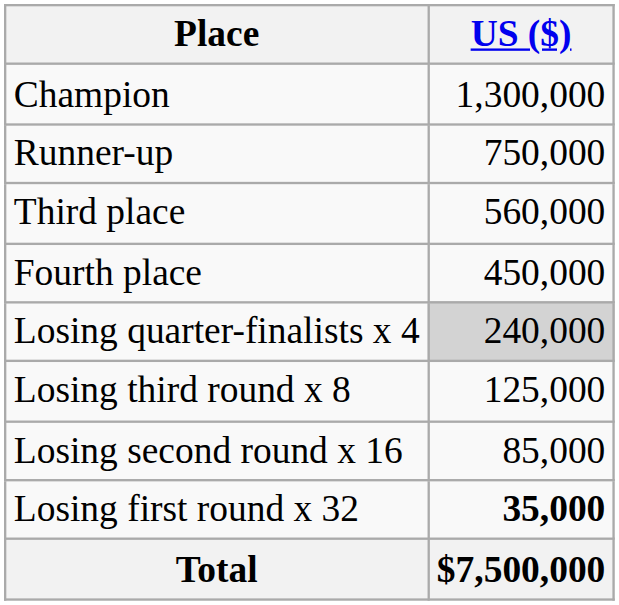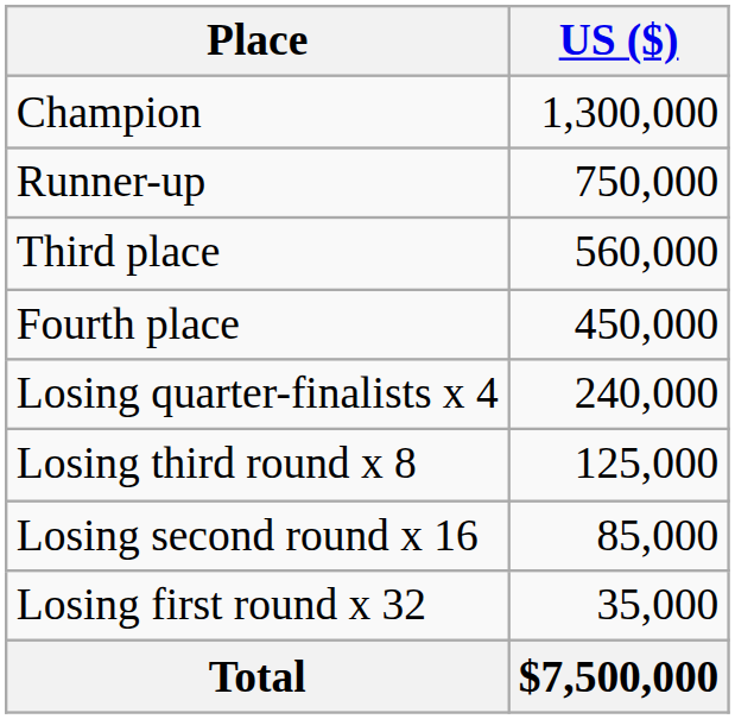 <table class="wikitable">
 <tr>
 <th>Place</th>
 <th><a href='#'>US ($)</a></th>
 </tr>
 <tr>
 <td>Champion</td>
 <td align=right>1,300,000</td>
 </tr>
 <tr>
 <td>Runner-up</td>
 <td align=right>750,000</td>
 </tr>
 <tr>
 <td>Third place</td>
 <td align=right>560,000</td>
 </tr>
 <tr>
 <td>Fourth place</td>
 <td align=right>450,000</td>
 </tr>
 <tr>
 <td>Losing quarter-finalists x 4</td>
-<td align=right style="background: lightgrey;">240,000</td>
+<td align=right>240,000</td>
 </tr>
 <tr>
 <td>Losing third round x 8</td>
 <td align=right>125,000</td>
 </tr>
 <tr>
 <td>Losing second round x 16</td>
 <td align=right>85,000</td>
 </tr>
 <tr>
 <td>Losing first round x 32</td>
-<td align=right><strong>35,000</strong></td>
+<td align=right>35,000</td>
 </tr>
 <tr>
 <th>Total</th>
 <th>$7,500,000</th>
 </tr>
 </table>
